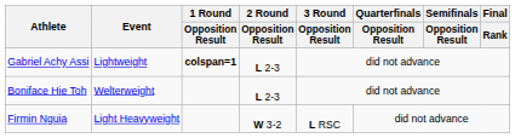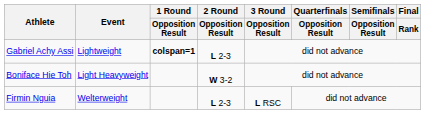 <table class="wikitable" style="font-size:90%">
 <tr>
 <th rowspan="2">Athlete</th>
 <th rowspan="2">Event</th>
 <th>1 Round</th>
 <th>2 Round</th>
 <th>3 Round</th>
 <th>Quarterfinals</th>
 <th>Semifinals</th>
 <th colspan=2>Final</th>
 </tr>
 <tr style="font-size:95%">
 <th>Opposition<br>Result</th>
 <th>Opposition<br>Result</th>
 <th>Opposition<br>Result</th>
 <th>Opposition<br>Result</th>
 <th>Opposition<br>Result</th>
 <th colspan=2>Rank</th>
 </tr>
 <tr align=center>
 <td align=left><a href='#'>Gabriel Achy Assi</a></td>
 <td align=left><a href='#'>Lightweight</a></td>
 <td><strong>colspan=1 </strong></td>
 <td><br><strong>L</strong> 2-3</td>
 <td colspan=4>did not advance</td>
 </tr>
 <tr align=center>
 <td align=left><a href='#'>Boniface Hie Toh</a></td>
-<td align=left><a href='#'>Welterweight</a></td>
+<td align=left><a href='#'>Light Heavyweight</a></td>
 <td></td>
-<td><br><strong>L</strong> 2-3</td>
+<td><br><strong>W</strong> 3-2</td>
 <td colspan=4>did not advance</td>
 </tr>
 <tr align=center>
 <td align=left><a href='#'>Firmin Nguia</a></td>
-<td align=left><a href='#'>Light Heavyweight</a></td>
+<td align=left><a href='#'>Welterweight</a></td>
 <td></td>
-<td><br><strong>W</strong> 3-2</td>
+<td><br><strong>L</strong> 2-3</td>
 <td><br><strong>L</strong> RSC</td>
 <td colspan=3>did not advance</td>
 </tr>
 </table>
